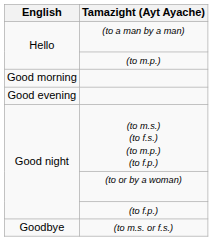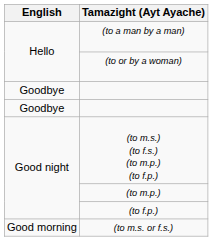 <table class="wikitable" style="text-align:center;">
 <tr>
 <th>English</th>
 <th>Tamazight (Ayt Ayache)</th>
 </tr>
 <tr>
 <td rowspan="2">Hello</td>
 <td> <em><small>(to a man by a man)</small></em> <br><br></td>
 </tr>
 <tr>
-<td> <em><small>(to m.p.)</small></em><br></td>
+<td> <em><small>(to or by a woman)</small></em> <br><br></td>
 </tr>
 <tr>
-<td>Good morning</td>
+<td>Goodbye</td>
 <td></td>
 </tr>
 <tr>
-<td>Good evening</td>
+<td>Goodbye</td>
 <td></td>
 </tr>
 <tr>
 <td rowspan=3>Good night</td>
 <td><br> <em><small>(to m.s.)</small></em><br>  <em><small>(to f.s.)</small></em><br>  <em><small>(to m.p.)</small></em><br>  <em><small>(to f.p.)</small></em><br></td>
 </tr>
 <tr>
-<td> <em><small>(to or by a woman)</small></em> <br><br></td>
+<td> <em><small>(to m.p.)</small></em><br></td>
 </tr>
 <tr>
 <td> <em><small>(to f.p.)</small></em><br></td>
 </tr>
 <tr>
-<td>Goodbye</td>
+<td>Good morning</td>
 <td> <em><small>(to m.s. or f.s.)</small></em><br></td>
 </tr>
 </table>
